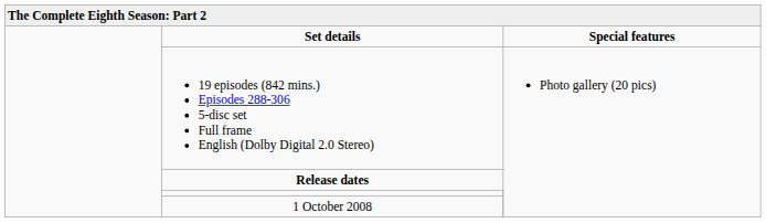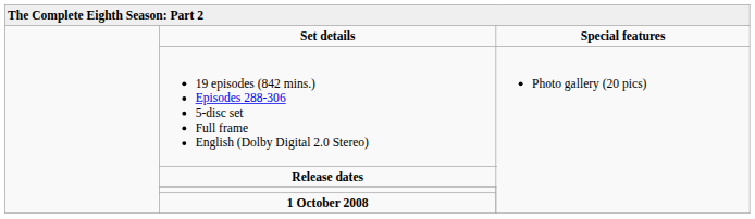 <table class="wikitable" style="font-size: 95%;">
 <tr style="background:#EFEFEF">
 <td colspan="5"><strong>The Complete Eighth Season: Part 2</strong></td>
 </tr>
 <tr>
 <td rowspan="6" align="center" width="180"></td>
 <td align="center" width="350" colspan="3"><strong>Set details</strong></td>
 <td width="250" align="center"><strong>Special features</strong></td>
 </tr>
 <tr valign="top">
 <td colspan="3" align="left" width="400"><br><ul><li>19 episodes (842 mins.)</li><li><a href='#'>Episodes 288-306</a></li><li>5-disc set</li><li>Full frame</li><li>English (Dolby Digital 2.0 Stereo)</li></ul></td>
 <td rowspan="4" align="left" width="300"><br><ul><li>Photo gallery (20 pics)</li></ul></td>
 </tr>
 <tr>
 <td colspan="3" align="center"><strong>Release dates</strong></td>
 </tr>
 <tr>
 <td align="center"></td>
 </tr>
 <tr>
-<td align="center">1 October 2008</td>
+<td align="center"><strong>1 October 2008</strong></td>
 </tr>
 </table>
